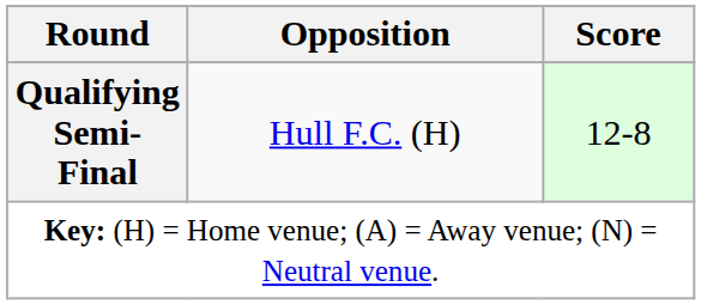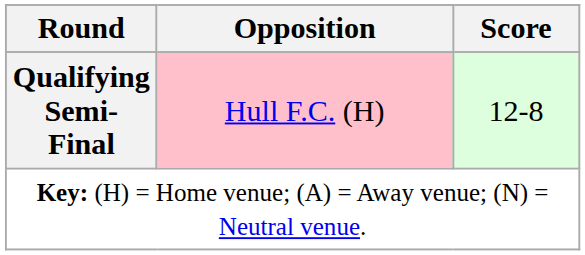 <table class="wikitable plainrowheaders" style="text-align:center;margin-left:1em;float:right">
 <tr>
 <th width="25">Round</th>
 <th width="150">Opposition</th>
 <th width="60">Score</th>
 </tr>
 <tr>
 <th scope=row style="text-align:center">Qualifying Semi-Final</th>
-<td> <a href='#'>Hull F.C.</a> (H)</td>
+<td style="background: pink;"> <a href='#'>Hull F.C.</a> (H)</td>
 <td bgcolor=DDFFDD>12-8</td>
 </tr>
 <tr>
 <td colspan="3" style="background-color:white;"><small><strong>Key:</strong> (H) = Home venue; (A) = Away venue; (N) = <a href='#'>Neutral venue</a>.</small></td>
 </tr>
 </table>
